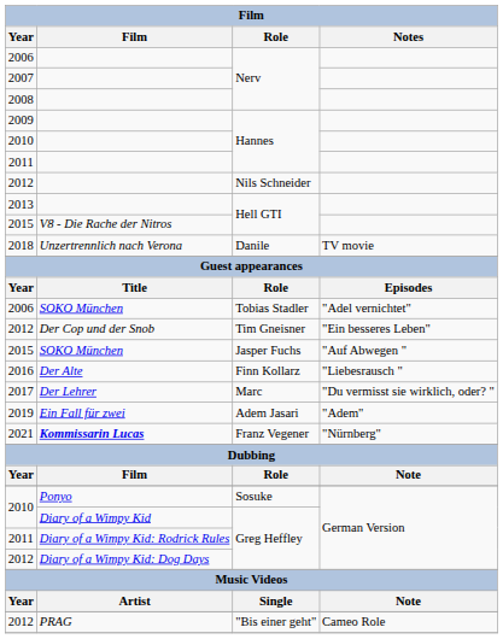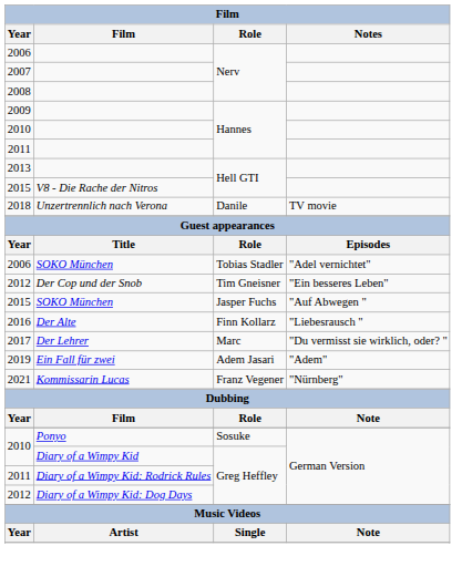 <table class="wikitable" style="font-size:90%;">
 <tr>
 <th colspan=4 style="background:#B0C4DE;">Film</th>
 </tr>
 <tr>
 <th>Year</th>
 <th>Film</th>
 <th>Role</th>
 <th>Notes</th>
 </tr>
 <tr>
 <td style="text-align: center;">2006</td>
 <td><em></em></td>
 <td rowspan="3">Nerv</td>
 <td></td>
 </tr>
 <tr>
 <td style="text-align: center;">2007</td>
 <td><em></em></td>
 <td></td>
 </tr>
 <tr>
 <td rowspan="1" style="text-align: center;">2008</td>
 <td><em></em></td>
 <td></td>
 </tr>
 <tr>
 <td style="text-align: center;">2009</td>
 <td><em></em></td>
 <td rowspan="3">Hannes</td>
 <td></td>
 </tr>
 <tr>
 <td style="text-align: center;">2010</td>
 <td><em></em></td>
 <td></td>
 </tr>
 <tr>
 <td style="text-align: center;">2011</td>
 <td><em></em></td>
-<td></td>
-</tr>
-<tr>
-<td style="text-align: center;">2012</td>
-<td><em></em></td>
-<td>Nils Schneider</td>
 <td></td>
 </tr>
 <tr>
 <td rowspan="1" style="text-align: center;">2013</td>
 <td><em></em></td>
 <td rowspan="2">Hell GTI</td>
 <td></td>
 </tr>
 <tr>
 <td rowspan="1" style="text-align: center;">2015</td>
 <td><em>V8 - Die Rache der Nitros </em></td>
 </tr>
 <tr>
 <td rowspan="1" style="text-align: center;">2018</td>
 <td><em>Unzertrennlich nach Verona  </em></td>
 <td>Danile</td>
 <td>TV movie</td>
 </tr>
 <tr>
 </tr>
 <tr>
 <th colspan=4 style="background:#B0C4DE;">Guest appearances</th>
 </tr>
 <tr>
 <th>Year</th>
 <th>Title</th>
 <th>Role</th>
 <th>Episodes</th>
 </tr>
 <tr>
 <td style="text-align: center;">2006</td>
 <td><em><a href='#'>SOKO München</a> </em></td>
 <td>Tobias Stadler</td>
 <td>"Adel vernichtet"</td>
 </tr>
 <tr>
 <td style="text-align: center;">2012</td>
 <td><em>Der Cop und der Snob</em></td>
 <td>Tim Gneisner</td>
 <td>"Ein besseres Leben"</td>
 </tr>
 <tr>
 <td style="text-align: center;">2015</td>
 <td><em><a href='#'>SOKO München</a></em></td>
 <td>Jasper Fuchs</td>
 <td>"Auf Abwegen "</td>
 </tr>
 <tr>
 <td style="text-align: center;">2016</td>
 <td><em><a href='#'>Der Alte</a> </em></td>
 <td>Finn Kollarz</td>
 <td>"Liebesrausch "</td>
 </tr>
 <tr>
 <td style="text-align: center;">2017</td>
 <td><em><a href='#'>Der Lehrer</a></em></td>
 <td>Marc</td>
 <td>"Du vermisst sie wirklich, oder? "</td>
 </tr>
 <tr>
 <td style="text-align: center;">2019</td>
 <td><em><a href='#'>Ein Fall für zwei</a></em></td>
 <td>Adem Jasari</td>
 <td>"Adem"</td>
 </tr>
 <tr>
 <td style="text-align: center;">2021</td>
-<td><strong><em><a href='#'>Kommissarin Lucas</a></em></strong></td>
+<td><em><a href='#'>Kommissarin Lucas</a></em></td>
 <td>Franz Vegener</td>
 <td>"Nürnberg"</td>
 </tr>
 <tr>
 </tr>
 <tr>
 <th colspan=4 style="background:#B0C4DE;">Dubbing</th>
 </tr>
 <tr>
 <th>Year</th>
 <th>Film</th>
 <th>Role</th>
 <th>Note</th>
 </tr>
 <tr>
 </tr>
 <tr>
 <td rowspan="2" style="text-align: center;">2010</td>
 <td><em><a href='#'>Ponyo</a></em></td>
 <td>Sosuke</td>
 <td rowspan="4">German Version</td>
 </tr>
 <tr>
 <td><em><a href='#'>Diary of a Wimpy Kid</a></em></td>
 <td rowspan="3">Greg Heffley</td>
 </tr>
 <tr>
 <td style="text-align: center;">2011</td>
 <td><em><a href='#'>Diary of a Wimpy Kid: Rodrick Rules</a></em></td>
 </tr>
 <tr>
 <td style="text-align: center;">2012</td>
 <td><em><a href='#'>Diary of a Wimpy Kid: Dog Days</a></em></td>
 </tr>
 <tr>
 </tr>
 <tr>
 <th colspan=4 style="background:#B0C4DE;">Music Videos</th>
 </tr>
 <tr>
 <th>Year</th>
 <th>Artist</th>
 <th>Single</th>
 <th>Note</th>
 </tr>
 <tr>
 </tr>
 <tr>
-<td rowspan="1" style="text-align: center;">2012</td>
-<td><em>PRAG</em></td>
-<td>"Bis einer geht"</td>
-<td>Cameo Role</td>
-</tr>
-<tr>
 </tr>
 </table>
